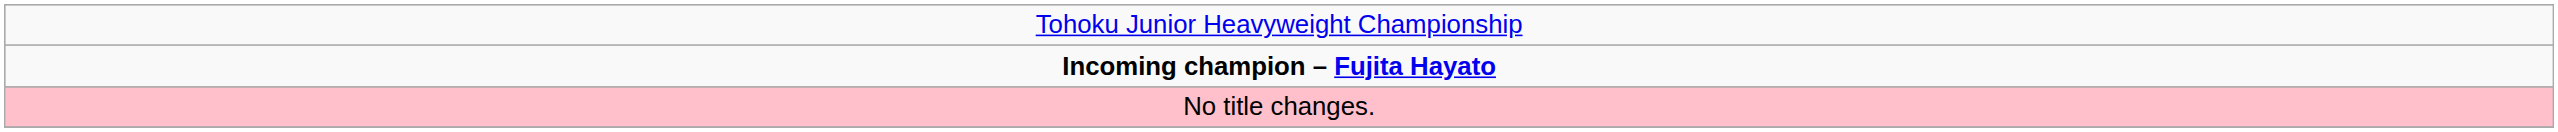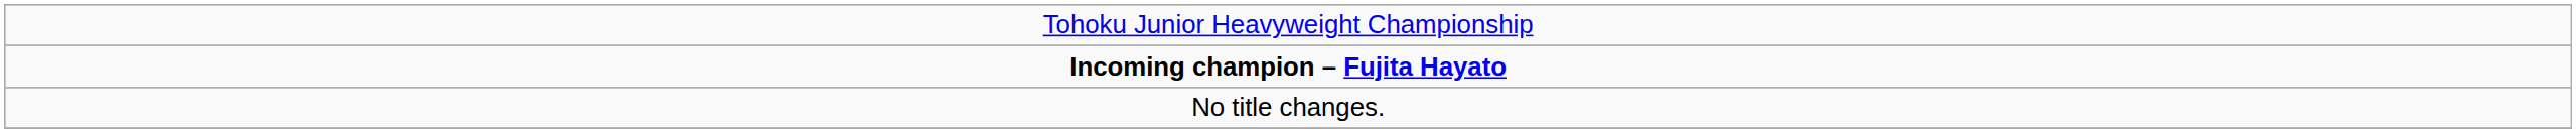 <table class="wikitable" style="text-align:center; width:100%;">
 <tr>
 <td colspan="5" style="text-align: center;"><a href='#'>Tohoku Junior Heavyweight Championship</a></td>
 </tr>
 <tr>
 <td colspan="5" style="text-align: center;"><strong>Incoming champion – <a href='#'>Fujita Hayato</a></strong></td>
 </tr>
 <tr>
-<td style="background: pink;">No title changes.</td>
+<td>No title changes.</td>
 </tr>
 <tr>
 </tr>
 </table>
